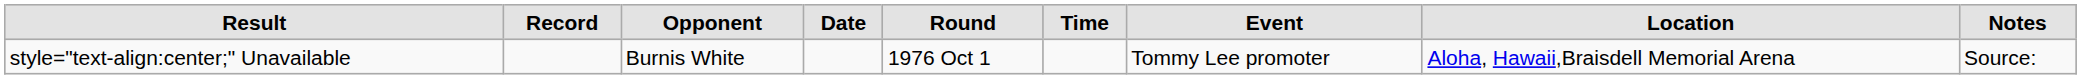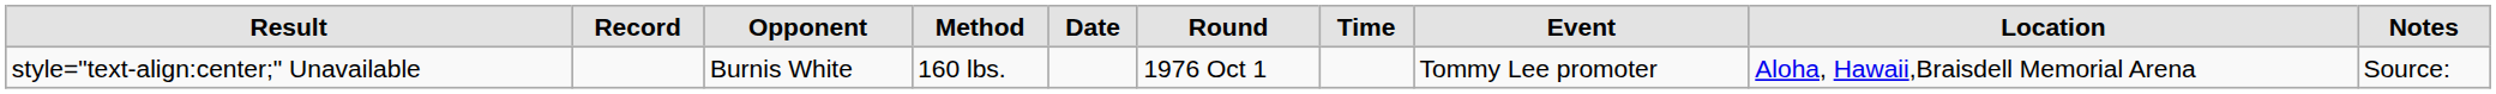 <table class="wikitable sortable" style="font-size:80%; text-align:left; width:100%;">
 <tr style="margin:0.5em auto; font-size:100%;">
 <th style="border-style:none none solid solid; background:#e3e3e3;">Result</th>
 <th style="border-style:none none solid solid; background:#e3e3e3;">Record</th>
 <th style="border-style:none none solid solid; background:#e3e3e3;">Opponent</th>
+<th style="border-style:none none solid solid; background:#e3e3e3;">Method</th>
 <th style="border-style:none none solid solid; background:#e3e3e3;">Date</th>
 <th style="border-style:none none solid solid; background:#e3e3e3;">Round</th>
 <th style="border-style:none none solid solid; background:#e3e3e3;">Time</th>
 <th style="border-style:none none solid solid; background:#e3e3e3;">Event</th>
 <th style="border-style:none none solid solid; background:#e3e3e3;">Location</th>
 <th style="border-style:none none solid solid; background:#e3e3e3;">Notes</th>
 </tr>
 <tr>
 <td>style="text-align:center;" Unavailable</td>
 <td align='left'></td>
 <td align='left'>Burnis White</td>
+<td align='left'>160 lbs.</td>
 <td align='left'></td>
 <td align='left'>1976 Oct 1</td>
 <td style="text-align:center;"></td>
 <td align='left'>Tommy Lee promoter</td>
 <td><a href='#'>Aloha</a>, <a href='#'>Hawaii</a>,Braisdell Memorial Arena</td>
 <td>Source:</td>
 </tr>
 </table>
